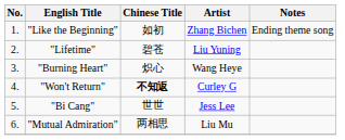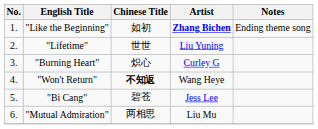 <table class="wikitable" style="text-align:center">
 <tr>
 <th>No.</th>
 <th>English Title</th>
 <th>Chinese Title</th>
 <th>Artist</th>
 <th>Notes</th>
 </tr>
 <tr>
 <td>1.</td>
 <td>"Like the Beginning"</td>
 <td>如初</td>
-<td><a href='#'>Zhang Bichen</a></td>
+<td><strong><a href='#'>Zhang Bichen</a></strong></td>
 <td>Ending theme song</td>
 </tr>
 <tr>
 <td>2.</td>
 <td>"Lifetime"</td>
-<td>碧苍</td>
+<td>世世</td>
 <td><a href='#'>Liu Yuning</a></td>
 <td></td>
 </tr>
 <tr>
 <td>3.</td>
 <td>"Burning Heart"</td>
 <td>炽心</td>
-<td>Wang Heye</td>
+<td><a href='#'>Curley G</a></td>
 <td></td>
 </tr>
 <tr>
 <td>4.</td>
 <td>"Won't Return"</td>
 <td><strong>不知返</strong></td>
-<td><a href='#'>Curley G</a></td>
+<td>Wang Heye</td>
 <td></td>
 </tr>
 <tr>
 <td>5.</td>
 <td>"Bi Cang"</td>
-<td>世世</td>
+<td>碧苍</td>
 <td><a href='#'>Jess Lee</a></td>
 <td></td>
 </tr>
 <tr>
 <td>6.</td>
 <td>"Mutual Admiration"</td>
 <td>两相思</td>
 <td>Liu Mu</td>
 <td></td>
 </tr>
 <tr>
 </tr>
 </table>
